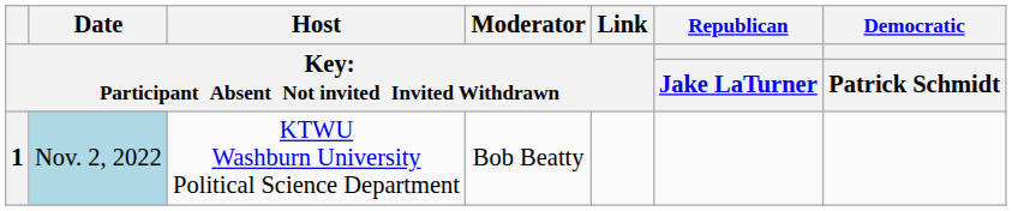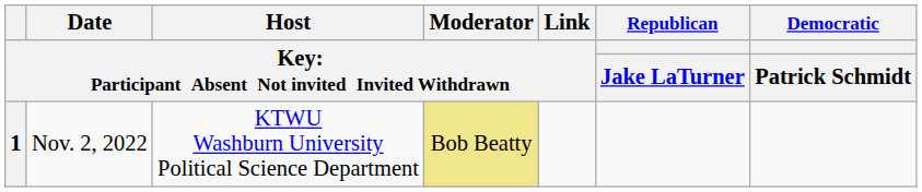 <table class="wikitable" style="text-align:center;">
 <tr>
 <th scope="col"></th>
 <th scope="col">Date</th>
 <th scope="col">Host</th>
 <th scope="col">Moderator</th>
 <th scope="col">Link</th>
 <th scope="col"><small><a href='#'>Republican</a></small></th>
 <th scope="col"><small><a href='#'>Democratic</a></small></th>
 </tr>
 <tr>
 <th colspan="5" rowspan="2">Key:<br> <small>Participant </small>  <small>Absent </small>  <small>Not invited </small>  <small>Invited  Withdrawn</small></th>
 <th scope="col" style="background:"></th>
 <th scope="col" style="background:"></th>
 </tr>
 <tr>
 <th scope="col"><a href='#'>Jake LaTurner</a></th>
 <th scope="col">Patrick Schmidt</th>
 </tr>
 <tr>
 <th>1</th>
-<td style="background: lightblue; white-space:nowrap;">Nov. 2, 2022</td>
+<td style="white-space:nowrap;">Nov. 2, 2022</td>
 <td style="white-space:nowrap;"><a href='#'>KTWU</a><br><a href='#'>Washburn University</a><br>Political Science Department</td>
-<td style="white-space:nowrap;">Bob Beatty</td>
+<td style="background: khaki; white-space:nowrap;">Bob Beatty</td>
 <td style="white-space:nowrap;"></td>
 <td></td>
 <td></td>
 </tr>
 </table>
